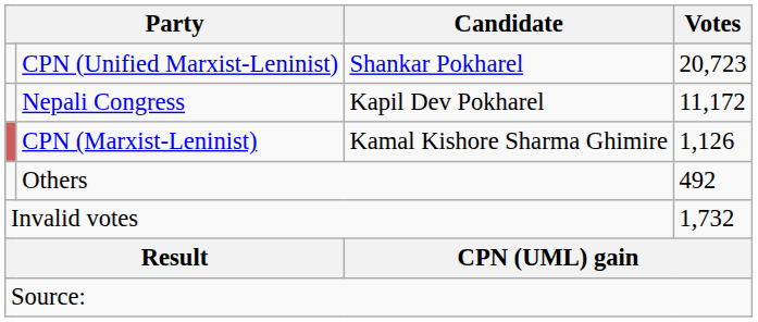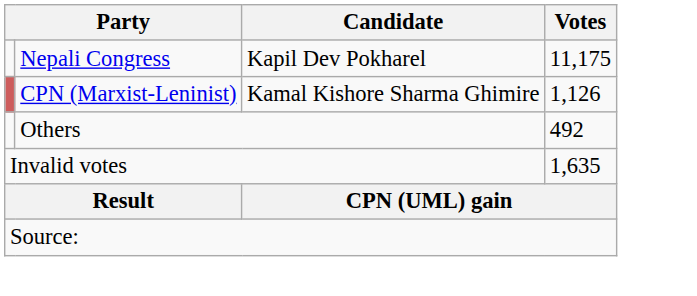 <table class="wikitable">
 <tr>
 <th colspan="2">Party</th>
 <th>Candidate</th>
 <th>Votes</th>
 </tr>
 <tr>
 <td style="background-color:"></td>
-<td><a href='#'>CPN (Unified Marxist-Leninist)</a></td>
-<td><a href='#'>Shankar Pokharel</a></td>
-<td>20,723</td>
-</tr>
-<tr>
-<td style="background-color:"></td>
 <td><a href='#'>Nepali Congress</a></td>
 <td>Kapil Dev Pokharel</td>
-<td>11,172</td>
+<td>11,175</td>
 </tr>
 <tr>
 <td style="background-color:indianred"></td>
 <td><a href='#'>CPN (Marxist-Leninist)</a></td>
 <td>Kamal Kishore Sharma Ghimire</td>
 <td>1,126</td>
 </tr>
 <tr>
 <td></td>
 <td colspan="2">Others</td>
 <td>492</td>
 </tr>
 <tr>
 <td colspan="3">Invalid votes</td>
-<td>1,732</td>
+<td>1,635</td>
 </tr>
 <tr>
 <th colspan="2">Result</th>
 <th colspan="2">CPN (UML) gain</th>
 </tr>
 <tr>
 <td colspan="4">Source: </td>
 </tr>
 </table>
